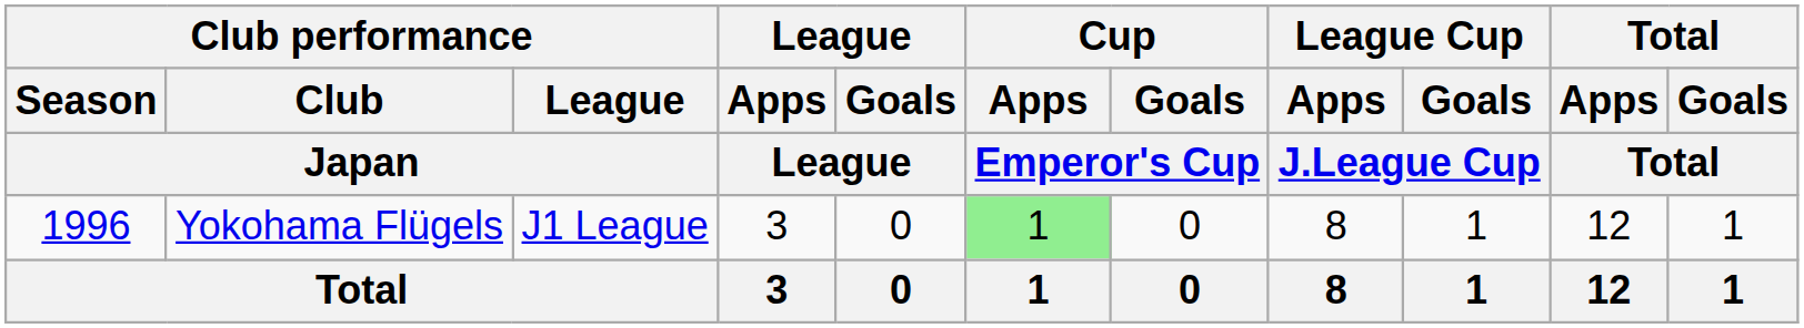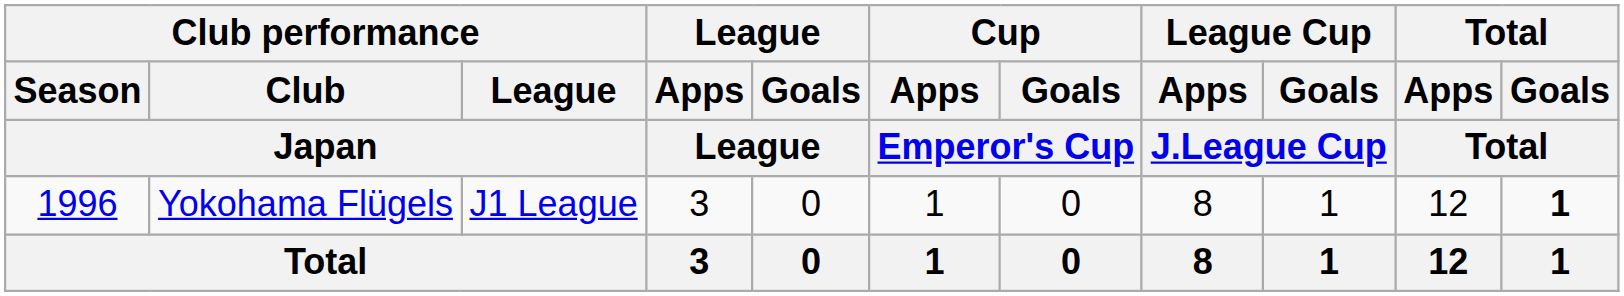 <table class="wikitable" style="text-align:center;">
 <tr>
 <th colspan=3>Club performance</th>
 <th colspan=2>League</th>
 <th colspan=2>Cup</th>
 <th colspan=2>League Cup</th>
 <th colspan=2>Total</th>
 </tr>
 <tr>
 <th>Season</th>
 <th>Club</th>
 <th>League</th>
 <th>Apps</th>
 <th>Goals</th>
 <th>Apps</th>
 <th>Goals</th>
 <th>Apps</th>
 <th>Goals</th>
 <th>Apps</th>
 <th>Goals</th>
 </tr>
 <tr>
 <th colspan=3>Japan</th>
 <th colspan=2>League</th>
 <th colspan=2><a href='#'>Emperor's Cup</a></th>
 <th colspan=2><a href='#'>J.League Cup</a></th>
 <th colspan=2>Total</th>
 </tr>
 <tr>
 <td><a href='#'>1996</a></td>
 <td><a href='#'>Yokohama Flügels</a></td>
 <td><a href='#'>J1 League</a></td>
 <td>3</td>
 <td>0</td>
-<td style="background: lightgreen;">1</td>
+<td>1</td>
 <td>0</td>
 <td>8</td>
 <td>1</td>
 <td>12</td>
-<td>1</td>
+<td><strong>1</strong></td>
 </tr>
 <tr>
 <th colspan=3>Total</th>
 <th>3</th>
 <th>0</th>
 <th>1</th>
 <th>0</th>
 <th>8</th>
 <th>1</th>
 <th>12</th>
 <th>1</th>
 </tr>
 </table>
